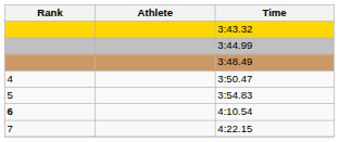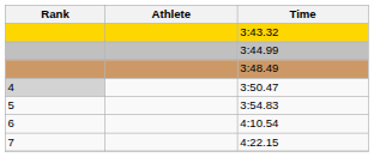 <table class="wikitable" width=40%>
 <tr>
 <th>Rank</th>
 <th>Athlete</th>
 <th>Time</th>
 </tr>
 <tr bgcolor=gold>
 <td></td>
 <td></td>
 <td>3:43.32</td>
 </tr>
 <tr bgcolor=silver>
 <td></td>
 <td></td>
 <td>3:44.99</td>
 </tr>
 <tr bgcolor=cc9966>
 <td></td>
 <td></td>
 <td>3:48.49</td>
 </tr>
 <tr>
-<td>4</td>
+<td style="background: lightgrey;">4</td>
 <td></td>
 <td>3:50.47</td>
 </tr>
 <tr>
 <td>5</td>
 <td></td>
 <td>3:54.83</td>
 </tr>
 <tr>
-<td><strong>6</strong></td>
+<td>6</td>
 <td></td>
 <td>4:10.54</td>
 </tr>
 <tr>
 <td>7</td>
 <td></td>
 <td>4:22.15</td>
 </tr>
 <tr>
 </tr>
 </table>
